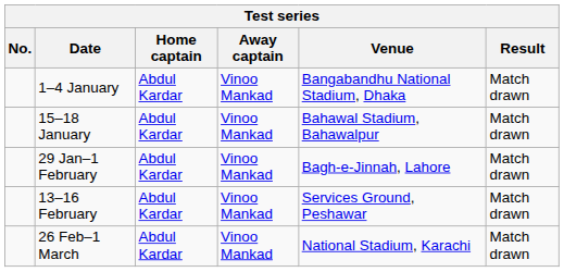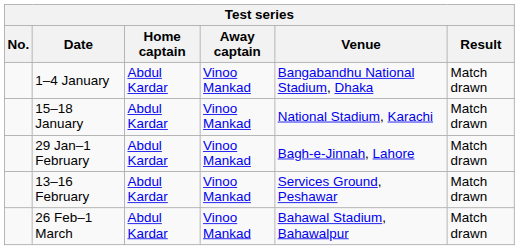 <table class="wikitable">
 <tr>
 <th colspan="9">Test series</th>
 </tr>
 <tr>
 <th>No.</th>
 <th>Date</th>
 <th>Home captain</th>
 <th>Away captain</th>
 <th>Venue</th>
 <th>Result</th>
 </tr>
 <tr>
 <td></td>
 <td>1–4 January</td>
 <td><a href='#'>Abdul Kardar</a></td>
 <td><a href='#'>Vinoo Mankad</a></td>
 <td><a href='#'>Bangabandhu National Stadium</a>, <a href='#'>Dhaka</a></td>
 <td>Match drawn</td>
 </tr>
 <tr>
 <td></td>
 <td>15–18 January</td>
 <td><a href='#'>Abdul Kardar</a></td>
 <td><a href='#'>Vinoo Mankad</a></td>
-<td><a href='#'>Bahawal Stadium</a>, <a href='#'>Bahawalpur</a></td>
+<td><a href='#'>National Stadium</a>, <a href='#'>Karachi</a></td>
 <td>Match drawn</td>
 </tr>
 <tr>
 <td></td>
 <td>29 Jan–1 February</td>
 <td><a href='#'>Abdul Kardar</a></td>
 <td><a href='#'>Vinoo Mankad</a></td>
 <td><a href='#'>Bagh-e-Jinnah</a>, <a href='#'>Lahore</a></td>
 <td>Match drawn</td>
 </tr>
 <tr>
 <td></td>
 <td>13–16 February</td>
 <td><a href='#'>Abdul Kardar</a></td>
 <td><a href='#'>Vinoo Mankad</a></td>
 <td><a href='#'>Services Ground</a>, <a href='#'>Peshawar</a></td>
 <td>Match drawn</td>
 </tr>
 <tr>
 <td></td>
 <td>26 Feb–1 March</td>
 <td><a href='#'>Abdul Kardar</a></td>
 <td><a href='#'>Vinoo Mankad</a></td>
-<td><a href='#'>National Stadium</a>, <a href='#'>Karachi</a></td>
+<td><a href='#'>Bahawal Stadium</a>, <a href='#'>Bahawalpur</a></td>
 <td>Match drawn</td>
 </tr>
 </table>
